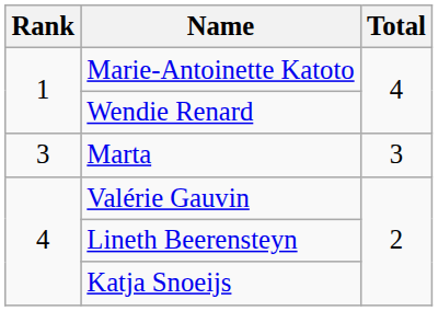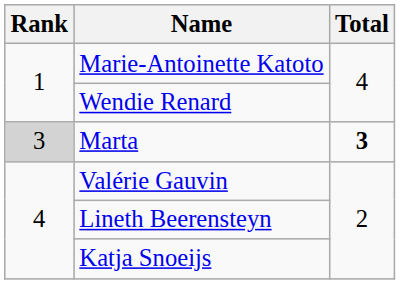 <table class="wikitable" style="text-align:center;">
 <tr>
 <th style="text-align:center;">Rank</th>
 <th>Name</th>
 <th>Total</th>
 </tr>
 <tr>
 <td rowspan=2>1</td>
 <td align=left> <a href='#'>Marie-Antoinette Katoto</a></td>
 <td rowspan=2>4</td>
 </tr>
 <tr>
 <td align=left> <a href='#'>Wendie Renard</a></td>
 </tr>
 <tr>
-<td>3</td>
+<td style="background: lightgrey;">3</td>
 <td align=left> <a href='#'>Marta</a></td>
-<td>3</td>
+<td><strong>3</strong></td>
 </tr>
 <tr>
 <td rowspan=3>4</td>
 <td align=left> <a href='#'>Valérie Gauvin</a></td>
 <td rowspan=3>2</td>
 </tr>
 <tr>
 <td align=left> <a href='#'>Lineth Beerensteyn</a></td>
 </tr>
 <tr>
 <td align=left> <a href='#'>Katja Snoeijs</a></td>
 </tr>
 </table>
